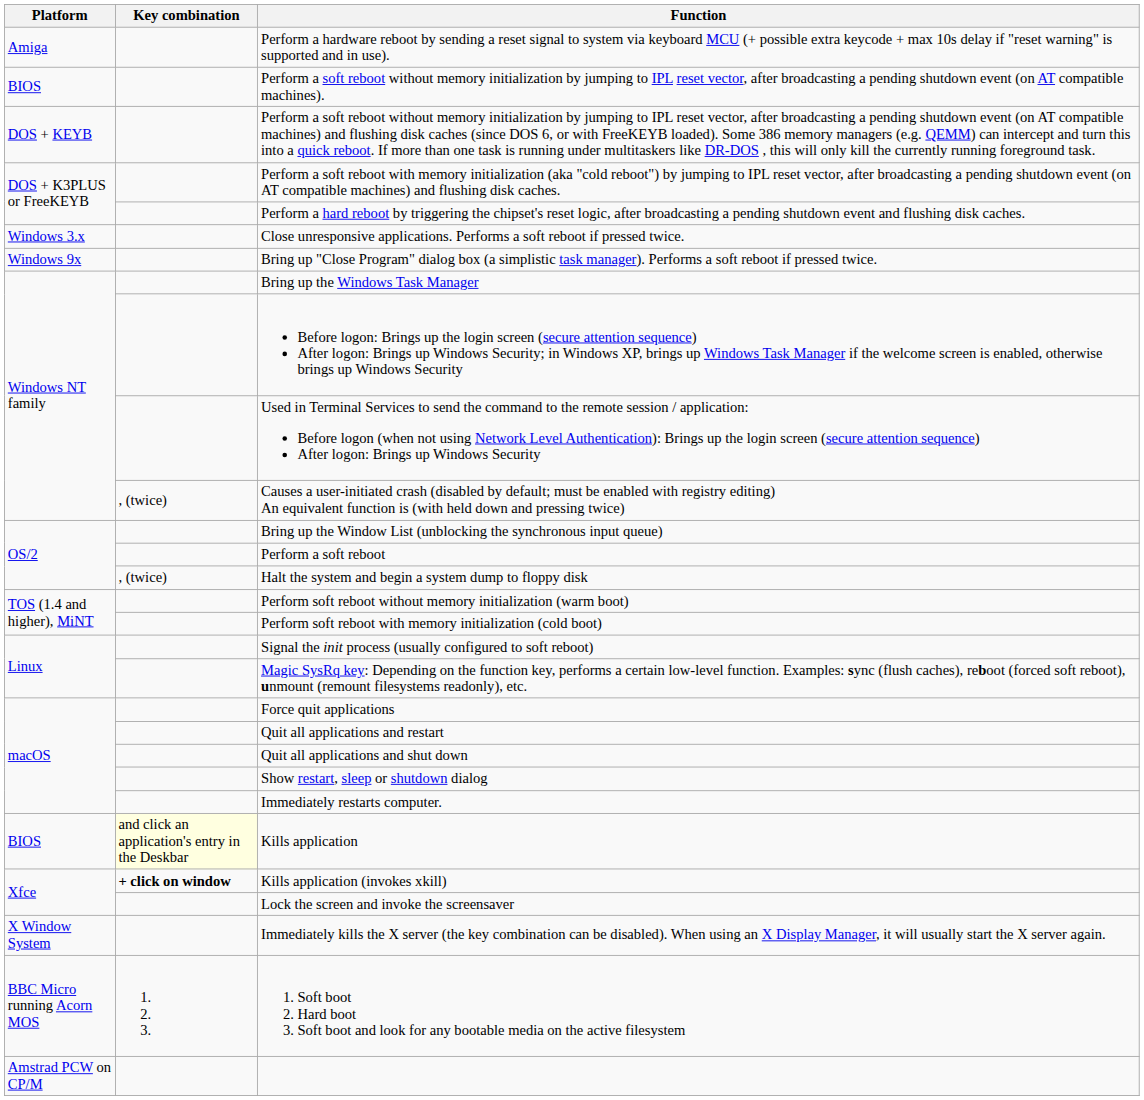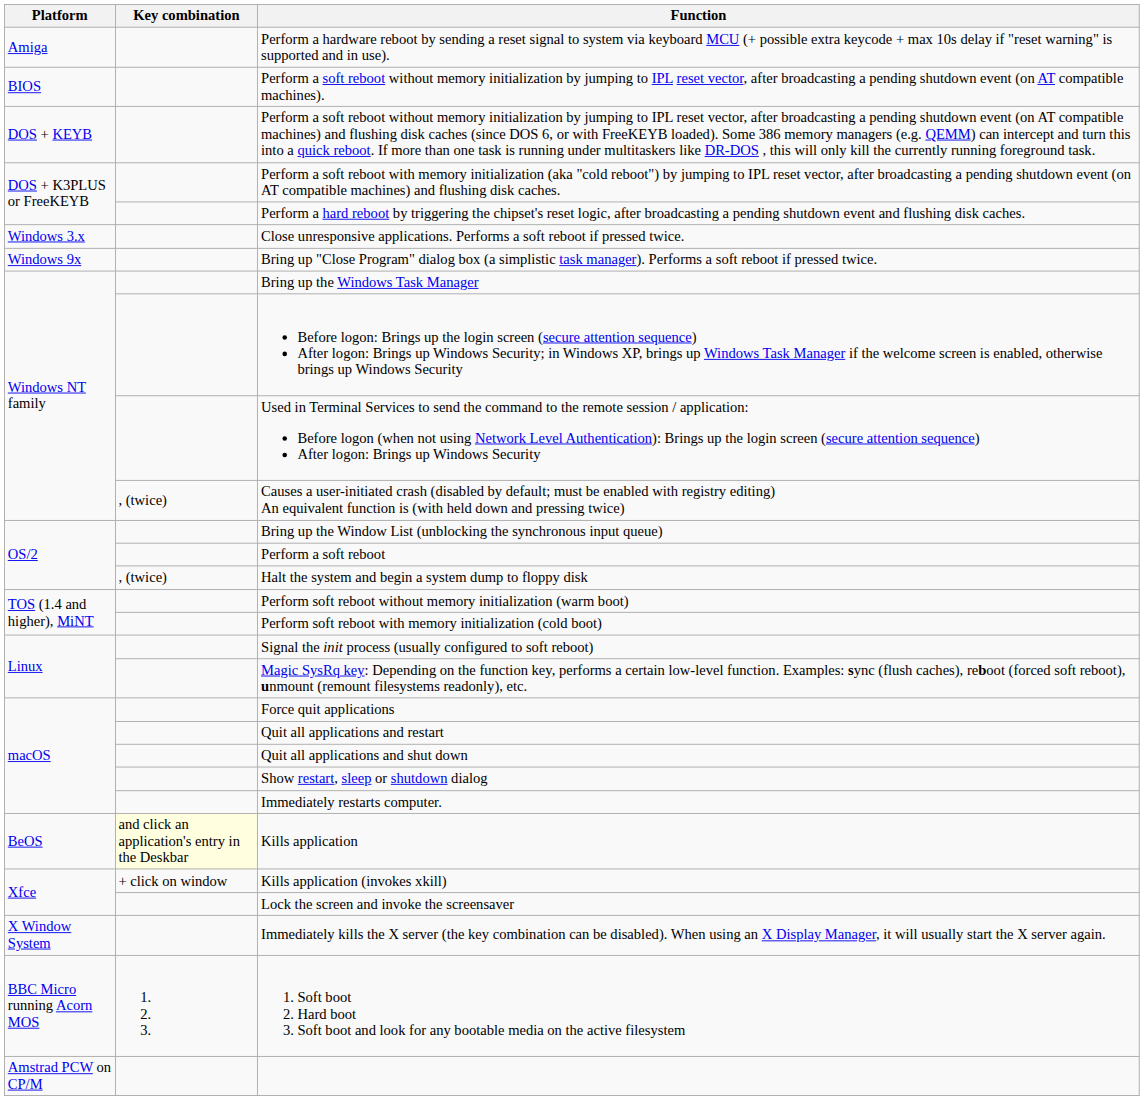 <table class="wikitable">
 <tr>
 <th>Platform</th>
 <th>Key combination</th>
 <th>Function</th>
 </tr>
 <tr>
 <td><a href='#'>Amiga</a></td>
 <td></td>
 <td>Perform a hardware reboot by sending a reset signal to system via keyboard <a href='#'>MCU</a> (+ possible extra keycode + max 10s delay if "reset warning" is supported and in use).</td>
 </tr>
 <tr>
 <td><a href='#'>BIOS</a></td>
 <td></td>
 <td>Perform a <a href='#'>soft reboot</a> without memory initialization by jumping to <a href='#'>IPL</a> <a href='#'>reset vector</a>, after broadcasting a pending shutdown event (on <a href='#'>AT</a> compatible machines).</td>
 </tr>
 <tr>
 <td><a href='#'>DOS</a> + <a href='#'>KEYB</a></td>
 <td></td>
 <td>Perform a soft reboot without memory initialization by jumping to IPL reset vector, after broadcasting a pending shutdown event (on AT compatible machines) and flushing disk caches (since DOS 6, or with FreeKEYB loaded). Some 386 memory managers (e.g. <a href='#'>QEMM</a>) can intercept and turn this into a <a href='#'>quick reboot</a>. If more than one task is running under multitaskers like <a href='#'>DR-DOS</a> , this will only kill the currently running foreground task.</td>
 </tr>
 <tr>
 <td rowspan="2"><a href='#'>DOS</a> + K3PLUS or FreeKEYB</td>
 <td></td>
 <td>Perform a soft reboot with memory initialization (aka "cold reboot") by jumping to IPL reset vector, after broadcasting a pending shutdown event (on AT compatible machines) and flushing disk caches.</td>
 </tr>
 <tr>
 <td></td>
 <td>Perform a <a href='#'>hard reboot</a> by triggering the chipset's reset logic, after broadcasting a pending shutdown event and flushing disk caches.</td>
 </tr>
 <tr>
 <td><a href='#'>Windows 3.x</a></td>
 <td></td>
 <td>Close unresponsive applications. Performs a soft reboot if pressed twice.</td>
 </tr>
 <tr>
 <td><a href='#'>Windows 9x</a></td>
 <td></td>
 <td>Bring up "Close Program" dialog box (a simplistic <a href='#'>task manager</a>). Performs a soft reboot if pressed twice.</td>
 </tr>
 <tr>
 <td rowspan="4"><a href='#'>Windows NT</a> family</td>
 <td></td>
 <td>Bring up the <a href='#'>Windows Task Manager</a></td>
 </tr>
 <tr>
 <td><br></td>
 <td><br><ul><li>Before logon: Brings up the login screen (<a href='#'>secure attention sequence</a>)</li><li>After logon: Brings up Windows Security; in Windows XP, brings up <a href='#'>Windows Task Manager</a> if the welcome screen is enabled, otherwise brings up Windows Security</li></ul></td>
 </tr>
 <tr>
 <td></td>
 <td>Used in Terminal Services to send the command to the remote session / application:<br><ul><li>Before logon (when not using <a href='#'>Network Level Authentication</a>): Brings up the login screen (<a href='#'>secure attention sequence</a>)</li><li>After logon: Brings up Windows Security</li></ul></td>
 </tr>
 <tr>
 <td>,  (twice)</td>
 <td>Causes a user-initiated crash (disabled by default; must be enabled with registry editing)<br>An equivalent function is  (with  held down and pressing  twice)</td>
 </tr>
 <tr>
 <td rowspan="3"><a href='#'>OS/2</a></td>
 <td></td>
 <td>Bring up the Window List (unblocking the synchronous input queue)</td>
 </tr>
 <tr>
 <td></td>
 <td>Perform a soft reboot</td>
 </tr>
 <tr>
 <td>,  (twice)</td>
 <td>Halt the system and begin a system dump to floppy disk</td>
 </tr>
 <tr>
 <td rowspan="2"><a href='#'>TOS</a> (1.4 and higher), <a href='#'>MiNT</a></td>
 <td></td>
 <td>Perform soft reboot without memory initialization (warm boot)</td>
 </tr>
 <tr>
 <td></td>
 <td>Perform soft reboot with memory initialization (cold boot)</td>
 </tr>
 <tr>
 <td rowspan="2"><a href='#'>Linux</a></td>
 <td></td>
 <td>Signal the <em>init</em> process (usually configured to soft reboot)</td>
 </tr>
 <tr>
 <td></td>
 <td><a href='#'>Magic SysRq key</a>: Depending on the function key, performs a certain low-level function. Examples: <strong>s</strong>ync (flush caches), re<strong>b</strong>oot (forced soft reboot), <strong>u</strong>nmount (remount filesystems readonly), etc.</td>
 </tr>
 <tr>
 <td rowspan="5"><a href='#'>macOS</a></td>
 <td></td>
 <td>Force quit applications</td>
 </tr>
 <tr>
 <td></td>
 <td>Quit all applications and restart</td>
 </tr>
 <tr>
 <td></td>
 <td>Quit all applications and shut down</td>
 </tr>
 <tr>
 <td></td>
 <td>Show <a href='#'>restart</a>, <a href='#'>sleep</a> or <a href='#'>shutdown</a> dialog</td>
 </tr>
 <tr>
 <td></td>
 <td>Immediately restarts computer.</td>
 </tr>
 <tr>
-<td><a href='#'>BIOS</a></td>
+<td><a href='#'>BeOS</a></td>
 <td style="background: lightyellow;"> and click an application's entry in the Deskbar</td>
 <td>Kills application</td>
 </tr>
 <tr>
 <td rowspan="2"><a href='#'>Xfce</a></td>
-<td><strong> + click on window</strong></td>
+<td> + click on window</td>
 <td>Kills application (invokes xkill)</td>
 </tr>
 <tr>
 <td></td>
 <td>Lock the screen and invoke the screensaver</td>
 </tr>
 <tr>
 <td><a href='#'>X Window System</a></td>
 <td></td>
 <td>Immediately kills the X server (the key combination can be disabled). When using an <a href='#'>X Display Manager</a>, it will usually start the X server again.</td>
 </tr>
 <tr>
 <td><a href='#'>BBC Micro</a> running <a href='#'>Acorn MOS</a></td>
 <td><br><ol><li></li><li></li><li></li></ol></td>
 <td><br><ol><li>Soft boot</li><li>Hard boot</li><li>Soft boot and look for any bootable media on the active filesystem</li></ol></td>
 </tr>
 <tr>
 <td><a href='#'>Amstrad PCW</a> on <a href='#'>CP/M</a></td>
 <td></td>
 <td></td>
 </tr>
 </table>
